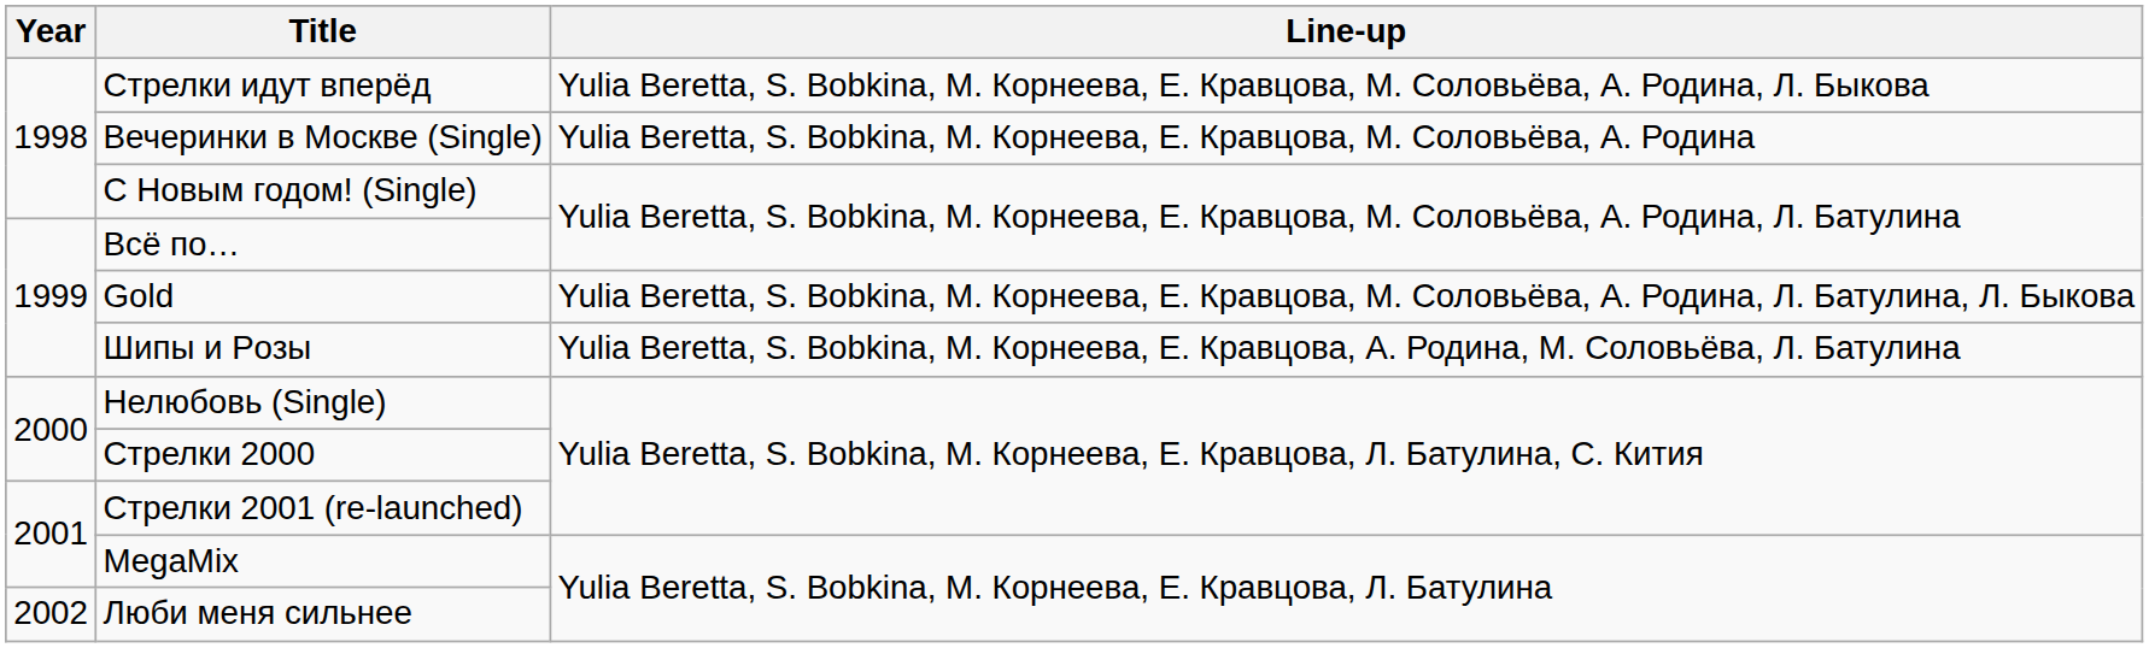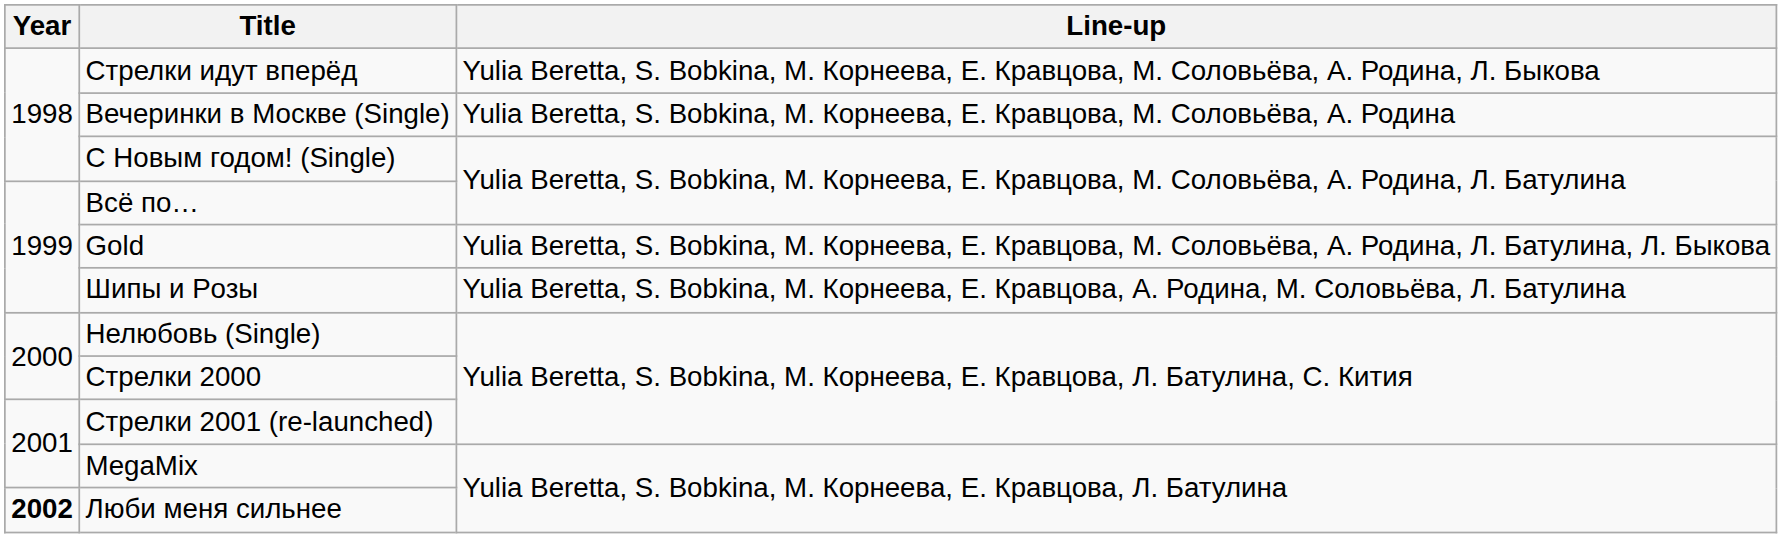 <table class="wikitable">
 <tr>
 <th>Year</th>
 <th>Title</th>
 <th>Line-up</th>
 </tr>
 <tr>
 <td rowspan="3">1998</td>
 <td>Стрелки идут вперёд</td>
 <td>Yulia Beretta, S. Bobkina, М. Корнеева, Е. Кравцова, М. Соловьёва, А. Родина, Л. Быкова</td>
 </tr>
 <tr>
 <td>Вечеринки в Москве (Single)</td>
 <td>Yulia Beretta, S. Bobkina, М. Корнеева, Е. Кравцова, М. Соловьёва, А. Родина</td>
 </tr>
 <tr>
 <td>С Новым годом! (Single)</td>
 <td rowspan="2">Yulia Beretta, S. Bobkina, М. Корнеева, Е. Кравцова, М. Соловьёва, А. Родина, Л. Батулина</td>
 </tr>
 <tr>
 <td rowspan="3">1999</td>
 <td>Всё по…</td>
 </tr>
 <tr>
 <td>Gold</td>
 <td>Yulia Beretta, S. Bobkina, М. Корнеева, Е. Кравцова, М. Соловьёва, А. Родина, Л. Батулина, Л. Быкова</td>
 </tr>
 <tr>
 <td>Шипы и Pозы</td>
 <td>Yulia Beretta, S. Bobkina, М. Корнеева, Е. Кравцова, А. Родина, М. Соловьёва, Л. Батулина</td>
 </tr>
 <tr>
 <td rowspan="2">2000</td>
 <td>Нелюбовь (Single)</td>
 <td rowspan="3">Yulia Beretta, S. Bobkina, М. Корнеева, Е. Кравцова, Л. Батулина, С. Кития</td>
 </tr>
 <tr>
 <td>Стрелки 2000</td>
 </tr>
 <tr>
 <td rowspan="2">2001</td>
 <td>Стрелки 2001 (re-launched)</td>
 </tr>
 <tr>
 <td>MegaMix</td>
 <td rowspan="2">Yulia Beretta, S. Bobkina, М. Корнеева, Е. Кравцова, Л. Батулина</td>
 </tr>
 <tr>
-<td>2002</td>
+<td><strong>2002</strong></td>
 <td>Люби меня сильнее</td>
 </tr>
 </table>
